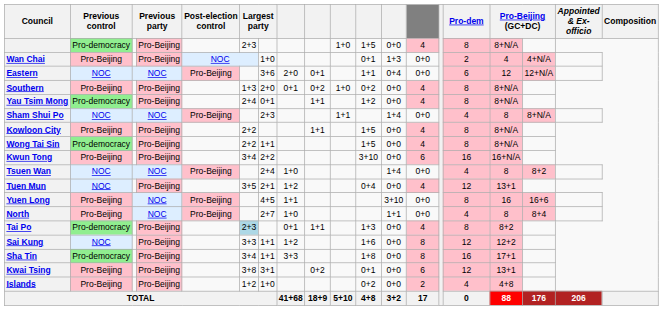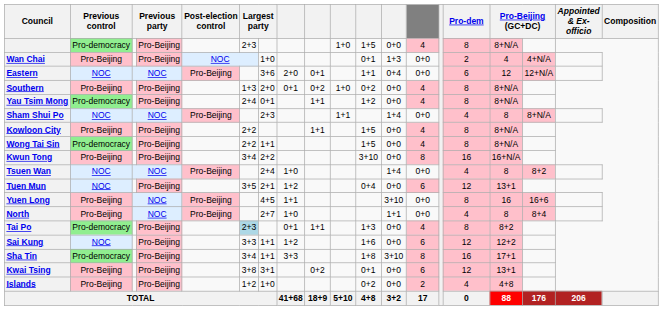 <table class="wikitable" style="text-align:center;font-size:75%">
 <tr>
 <th>Council</th>
 <th>Previous<br>control</th>
 <th colspan=2>Previous<br>party</th>
 <th>Post-election<br>control</th>
 <th colspan=2>Largest<br>party</th>
 <th class="unsortable" style="background:"><a href='#'></a></th>
 <th class="unsortable" style="background:"><a href='#'></a></th>
 <th class="unsortable" style="background:"><a href='#'></a></th>
 <th class="unsortable" style="background:"><a href='#'></a></th>
 <th class="unsortable" style="background:"><a href='#'></a></th>
 <th class="unsortable" style="background:gray; width:40px;"><a href='#'></a></th>
 <th class="unsortable" rowspan=21></th>
 <th class="unsortable"  style="width:60px;"><a href='#'>Pro-dem</a></th>
 <th colspan="2" class="unsortable" style="width:60px;"><a href='#'>Pro-Beijing</a><br>(GC+DC)</th>
 <th class="unsortable" style="width:60px;"><em>Appointed & Ex-officio</em></th>
 <th class="unsortable">Composition</th>
 </tr>
 <tr>
 <th scope="row" style="text-align: left;"></th>
 <td style="background-color:lightgreen">Pro-democracy</td>
 <td></td>
 <td style="background-color:pink">Pro-Beijing</td>
 <td></td>
 <td>2+3</td>
 <td></td>
 <td></td>
 <td></td>
 <td>1+0</td>
 <td>1+5</td>
 <td>0+0</td>
 <td style="background-color:pink">4</td>
 <td style="background-color:pink">8</td>
 <td style="background-color:pink">8+N/A</td>
 <td></td>
 </tr>
 <tr>
 <th scope="row" style="text-align: left;"><a href='#'>Wan Chai</a></th>
 <td style="background-color:pink">Pro-Beijing</td>
 <td></td>
 <td style="background-color:pink">Pro-Beijing</td>
 <td colspan=2 style="background-color:#DDEEFF"><a href='#'>NOC</a></td>
 <td>1+0</td>
 <td></td>
 <td></td>
 <td></td>
 <td>0+1</td>
 <td>1+3</td>
 <td>0+0</td>
 <td style="background-color:pink">2</td>
 <td style="background-color:pink">4</td>
 <td style="background-color:pink">4+N/A</td>
 <td></td>
 </tr>
 <tr>
 <th scope="row" style="text-align: left;"><a href='#'>Eastern</a></th>
 <td style="background-color:#DDEEFF"><a href='#'>NOC</a></td>
 <td colspan=2 style="background-color:#DDEEFF"><a href='#'>NOC</a></td>
 <td style="background-color:pink">Pro-Beijing</td>
 <td></td>
 <td>3+6</td>
 <td>2+0</td>
 <td>0+1</td>
 <td></td>
 <td>1+1</td>
 <td>0+4</td>
 <td>0+0</td>
 <td style="background-color:pink">6</td>
 <td style="background-color:pink">12</td>
 <td style="background-color:pink">12+N/A</td>
 <td></td>
 </tr>
 <tr>
 <th scope="row" style="text-align: left;"><a href='#'>Southern</a></th>
 <td style="background-color:pink">Pro-Beijing</td>
 <td></td>
 <td style="background-color:pink">Pro-Beijing</td>
 <td></td>
 <td>1+3</td>
 <td>2+0</td>
 <td>0+1</td>
 <td>0+2</td>
 <td>1+0</td>
 <td>0+2</td>
 <td>0+0</td>
 <td style="background-color:pink">4</td>
 <td style="background-color:pink">8</td>
 <td style="background-color:pink">8+N/A</td>
 <td></td>
 </tr>
 <tr>
 <th scope="row" style="text-align: left;"><a href='#'>Yau Tsim Mong</a></th>
 <td style="background-color:lightgreen">Pro-democracy</td>
 <td></td>
 <td style="background-color:pink">Pro-Beijing</td>
 <td></td>
 <td>2+4</td>
 <td>0+1</td>
 <td></td>
 <td>1+1</td>
 <td></td>
 <td>1+2</td>
 <td>0+0</td>
 <td style="background-color:pink">4</td>
 <td style="background-color:pink">8</td>
 <td style="background-color:pink">8+N/A</td>
 <td></td>
 </tr>
 <tr>
 <th scope="row" style="text-align: left;"><a href='#'>Sham Shui Po</a></th>
 <td style="background-color:#DDEEFF"><a href='#'>NOC</a></td>
 <td colspan=2 style="background-color:#DDEEFF"><a href='#'>NOC</a></td>
 <td style="background-color:pink">Pro-Beijing</td>
 <td></td>
 <td>2+3</td>
 <td></td>
 <td></td>
 <td>1+1</td>
 <td></td>
 <td>1+4</td>
 <td>0+0</td>
 <td style="background-color:pink">4</td>
 <td style="background-color:pink">8</td>
 <td style="background-color:pink">8+N/A</td>
 <td></td>
 </tr>
 <tr>
 <th scope="row" style="text-align: left;"><a href='#'>Kowloon City</a></th>
 <td style="background-color:pink">Pro-Beijing</td>
 <td></td>
 <td style="background-color:pink">Pro-Beijing</td>
 <td></td>
 <td>2+2</td>
 <td></td>
 <td></td>
 <td>1+1</td>
 <td></td>
 <td>1+5</td>
 <td>0+0</td>
 <td style="background-color:pink">4</td>
 <td style="background-color:pink">8</td>
 <td style="background-color:pink">8+N/A</td>
 <td></td>
 </tr>
 <tr>
 <th scope="row" style="text-align: left;"><a href='#'>Wong Tai Sin</a></th>
 <td style="background-color:lightgreen">Pro-democracy</td>
 <td></td>
 <td style="background-color:pink">Pro-Beijing</td>
 <td></td>
 <td>2+2</td>
 <td>1+1</td>
 <td></td>
 <td></td>
 <td></td>
 <td>1+5</td>
 <td>0+0</td>
 <td style="background-color:pink">4</td>
 <td style="background-color:pink">8</td>
 <td style="background-color:pink">8+N/A</td>
 <td></td>
 </tr>
 <tr>
 <th scope="row" style="text-align: left;"><a href='#'>Kwun Tong</a></th>
 <td style="background-color:pink">Pro-Beijing</td>
 <td></td>
 <td style="background-color:pink">Pro-Beijing</td>
 <td></td>
 <td>3+4</td>
 <td>2+2</td>
 <td></td>
 <td></td>
 <td></td>
 <td>3+10</td>
 <td>0+0</td>
-<td style="background-color:pink">6</td>
+<td style="background-color:pink">8</td>
 <td style="background-color:pink">16</td>
 <td style="background-color:pink">16+N/A</td>
 <td></td>
 </tr>
 <tr>
 <th scope="row" style="text-align: left;"><a href='#'>Tsuen Wan</a></th>
 <td style="background-color:#DDEEFF"><a href='#'>NOC</a></td>
 <td colspan=2 style="background-color:#DDEEFF"><a href='#'>NOC</a></td>
 <td style="background-color:pink">Pro-Beijing</td>
 <td></td>
 <td>2+4</td>
 <td>1+0</td>
 <td></td>
 <td></td>
 <td></td>
 <td>1+4</td>
 <td>0+0</td>
 <td style="background-color:pink">4</td>
 <td style="background-color:pink">8</td>
 <td style="background-color:pink">8+2</td>
 <td></td>
 </tr>
 <tr>
 <th scope="row" style="text-align: left;"><a href='#'>Tuen Mun</a></th>
 <td style="background-color:#DDEEFF"><a href='#'>NOC</a></td>
 <td></td>
 <td style="background-color:pink">Pro-Beijing</td>
 <td></td>
 <td>3+5</td>
 <td>2+1</td>
 <td>1+2</td>
 <td></td>
 <td></td>
 <td>0+4</td>
 <td>0+0</td>
-<td style="background-color:pink">4</td>
+<td style="background-color:pink">6</td>
 <td style="background-color:pink">12</td>
 <td style="background-color:pink">13+1</td>
 <td></td>
 </tr>
 <tr>
 <th scope="row" style="text-align: left;"><a href='#'>Yuen Long</a></th>
 <td style="background-color:pink">Pro-Beijing</td>
 <td colspan=2 style="background-color:#DDEEFF"><a href='#'>NOC</a></td>
 <td style="background-color:pink">Pro-Beijing</td>
 <td></td>
 <td>4+5</td>
 <td>1+1</td>
 <td></td>
 <td></td>
 <td></td>
 <td>3+10</td>
 <td>0+0</td>
 <td style="background-color:pink">8</td>
 <td style="background-color:pink">16</td>
 <td style="background-color:pink">16+6</td>
 <td></td>
 </tr>
 <tr>
 <th scope="row" style="text-align: left;"><a href='#'>North</a></th>
 <td style="background-color:pink">Pro-Beijing</td>
 <td colspan=2 style="background-color:#DDEEFF"><a href='#'>NOC</a></td>
 <td style="background-color:pink">Pro-Beijing</td>
 <td></td>
 <td>2+7</td>
 <td>1+0</td>
 <td></td>
 <td></td>
 <td></td>
 <td>1+1</td>
 <td>0+0</td>
 <td style="background-color:pink">4</td>
 <td style="background-color:pink">8</td>
 <td style="background-color:pink">8+4</td>
 <td></td>
 </tr>
 <tr>
 <th scope="row" style="text-align: left;"><a href='#'>Tai Po</a></th>
 <td style="background-color:lightgreen">Pro-democracy</td>
 <td></td>
 <td style="background-color:pink">Pro-Beijing</td>
 <td></td>
 <td style="background: lightblue;">2+3</td>
 <td></td>
 <td>0+1</td>
 <td>1+1</td>
 <td></td>
 <td>1+3</td>
 <td>0+0</td>
 <td style="background-color:pink">4</td>
 <td style="background-color:pink">8</td>
 <td style="background-color:pink">8+2</td>
 <td></td>
 </tr>
 <tr>
 <th scope="row" style="text-align: left;"><a href='#'>Sai Kung</a></th>
 <td style="background-color:#DDEEFF"><a href='#'>NOC</a></td>
 <td></td>
 <td style="background-color:pink">Pro-Beijing</td>
 <td></td>
 <td>3+3</td>
 <td>1+1</td>
 <td>1+2</td>
 <td></td>
 <td></td>
 <td>1+6</td>
 <td>0+0</td>
-<td style="background-color:pink">8</td>
+<td style="background-color:pink">6</td>
 <td style="background-color:pink">12</td>
 <td style="background-color:pink">12+2</td>
 <td></td>
 </tr>
 <tr>
 <th scope="row" style="text-align: left;"><a href='#'>Sha Tin</a></th>
 <td style="background-color:lightgreen">Pro-democracy</td>
 <td></td>
 <td style="background-color:pink">Pro-Beijing</td>
 <td></td>
 <td>3+4</td>
 <td>1+1</td>
 <td>3+3</td>
 <td></td>
 <td></td>
 <td>1+8</td>
-<td>0+0</td>
+<td>3+10</td>
 <td style="background-color:pink">8</td>
 <td style="background-color:pink">16</td>
 <td style="background-color:pink">17+1</td>
 <td></td>
 </tr>
 <tr>
 <th scope="row" style="text-align: left;"><a href='#'>Kwai Tsing</a></th>
 <td style="background-color:pink">Pro-Beijing</td>
 <td></td>
 <td style="background-color:pink">Pro-Beijing</td>
 <td></td>
 <td>3+8</td>
 <td>3+1</td>
 <td></td>
 <td>0+2</td>
 <td></td>
 <td>0+1</td>
 <td>0+0</td>
 <td style="background-color:pink">6</td>
 <td style="background-color:pink">12</td>
 <td style="background-color:pink">13+1</td>
 <td></td>
 </tr>
 <tr>
 <th scope="row" style="text-align: left;"><a href='#'>Islands</a></th>
 <td style="background-color:pink">Pro-Beijing</td>
 <td></td>
 <td style="background-color:pink">Pro-Beijing</td>
 <td></td>
 <td>1+2</td>
 <td>1+0</td>
 <td></td>
 <td></td>
 <td></td>
 <td>0+2</td>
 <td>0+0</td>
 <td style="background-color:pink">2</td>
 <td style="background-color:pink">4</td>
 <td style="background-color:pink">4+8</td>
 <td></td>
 </tr>
 <tr>
 <th colspan=7 align=right>TOTAL</th>
 <th class="unsortable" style="width:30px;">41+68</th>
 <th class="unsortable" style="width:30px;">18+9</th>
 <th class="unsortable" style="width:30px;">5+10</th>
 <th class="unsortable" style="width:30px;">4+8</th>
 <th class="unsortable" style="width:30px;">3+2</th>
 <th class="unsortable" style="width:30px;">17</th>
 <th class="unsortable" style="width:30px;">0</th>
 <th class="unsortable" style="background-color:red;color:white;width:30px;">88</th>
 <th class="unsortable" style="background-color:firebrick;color:white;width:30px;">176</th>
 <th class="unsortable" style="background-color:firebrick;color:white;width:30px;">206</th>
 <th></th>
 </tr>
 </table>
